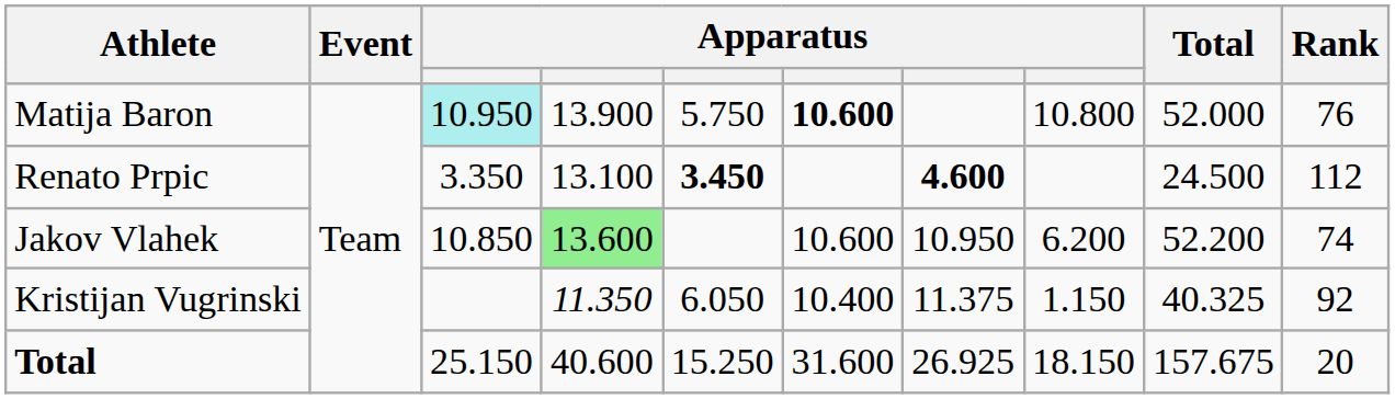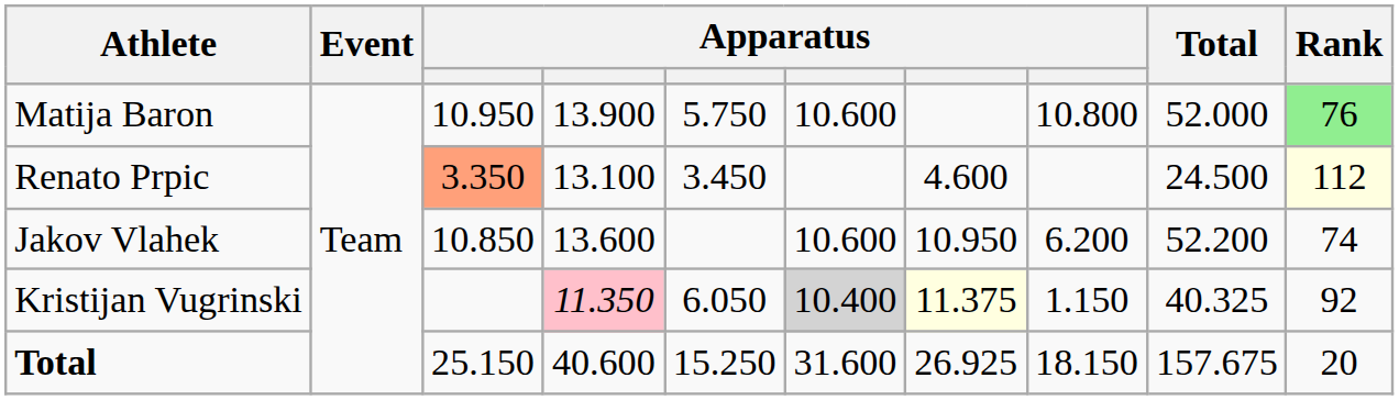 <table class="wikitable" style="font-size:90%">
 <tr>
 <th rowspan=2>Athlete</th>
 <th rowspan=2>Event</th>
 <th colspan=6>Apparatus</th>
 <th rowspan=2>Total</th>
 <th rowspan=2>Rank</th>
 </tr>
 <tr style="font-size:95%">
 <th></th>
 <th></th>
 <th></th>
 <th></th>
 <th></th>
 <th></th>
 </tr>
 <tr align=center>
 <td align=left>Matija Baron</td>
 <td align=left rowspan=5>Team</td>
-<td style="background: paleturquoise;">10.950</td>
+<td>10.950</td>
 <td>13.900</td>
 <td>5.750</td>
-<td><strong>10.600</strong></td>
+<td>10.600</td>
 <td></td>
 <td>10.800</td>
 <td>52.000</td>
-<td>76</td>
+<td style="background: lightgreen;">76</td>
 </tr>
 <tr align=center>
 <td align=left>Renato Prpic</td>
-<td>3.350</td>
+<td style="background: lightsalmon;">3.350</td>
 <td>13.100</td>
-<td><strong>3.450</strong></td>
+<td>3.450</td>
 <td></td>
-<td><strong>4.600</strong></td>
+<td>4.600</td>
 <td></td>
 <td>24.500</td>
-<td>112</td>
+<td style="background: lightyellow;">112</td>
 </tr>
 <tr align=center>
 <td align=left>Jakov Vlahek</td>
 <td>10.850</td>
-<td style="background: lightgreen;">13.600</td>
+<td>13.600</td>
 <td></td>
 <td>10.600</td>
 <td>10.950</td>
 <td>6.200</td>
 <td>52.200</td>
 <td>74</td>
 </tr>
 <tr align=center>
 <td align=left>Kristijan Vugrinski</td>
 <td></td>
-<td><em>11.350</em></td>
+<td style="background: pink;"><em>11.350</em></td>
 <td>6.050</td>
-<td>10.400</td>
-<td>11.375</td>
+<td style="background: lightgrey;">10.400</td>
+<td style="background: lightyellow;">11.375</td>
 <td>1.150</td>
 <td>40.325</td>
 <td>92</td>
 </tr>
 <tr align=center>
 <td align=left><strong>Total</strong></td>
 <td>25.150</td>
 <td>40.600</td>
 <td>15.250</td>
 <td>31.600</td>
 <td>26.925</td>
 <td>18.150</td>
 <td>157.675</td>
 <td>20</td>
 </tr>
 </table>
